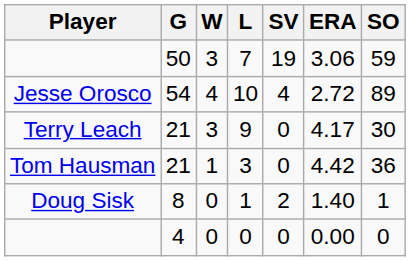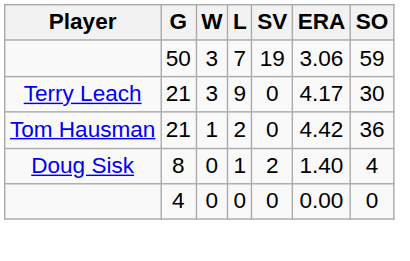 <table class="wikitable sortable">
 <tr>
 <th>Player</th>
 <th>G</th>
 <th>W</th>
 <th>L</th>
 <th>SV</th>
 <th>ERA</th>
 <th>SO</th>
 </tr>
 <tr align="center">
 <td></td>
 <td>50</td>
 <td>3</td>
 <td>7</td>
 <td>19</td>
 <td>3.06</td>
 <td>59</td>
 </tr>
-<tr align=center>
-<td><a href='#'>Jesse Orosco</a></td>
-<td>54</td>
-<td>4</td>
-<td>10</td>
-<td>4</td>
-<td>2.72</td>
-<td>89</td>
-</tr>
 <tr align="center">
 <td><a href='#'>Terry Leach</a></td>
 <td>21</td>
 <td>3</td>
 <td>9</td>
 <td>0</td>
 <td>4.17</td>
 <td>30</td>
 </tr>
 <tr align=center>
 <td><a href='#'>Tom Hausman</a></td>
 <td>21</td>
 <td>1</td>
-<td>3</td>
+<td>2</td>
 <td>0</td>
 <td>4.42</td>
 <td>36</td>
 </tr>
 <tr align=center>
 <td><a href='#'>Doug Sisk</a></td>
 <td>8</td>
 <td>0</td>
 <td>1</td>
 <td>2</td>
 <td>1.40</td>
-<td>1</td>
+<td>4</td>
 </tr>
 <tr align=center>
 <td></td>
 <td>4</td>
 <td>0</td>
 <td>0</td>
 <td>0</td>
 <td>0.00</td>
 <td>0</td>
 </tr>
 </table>
